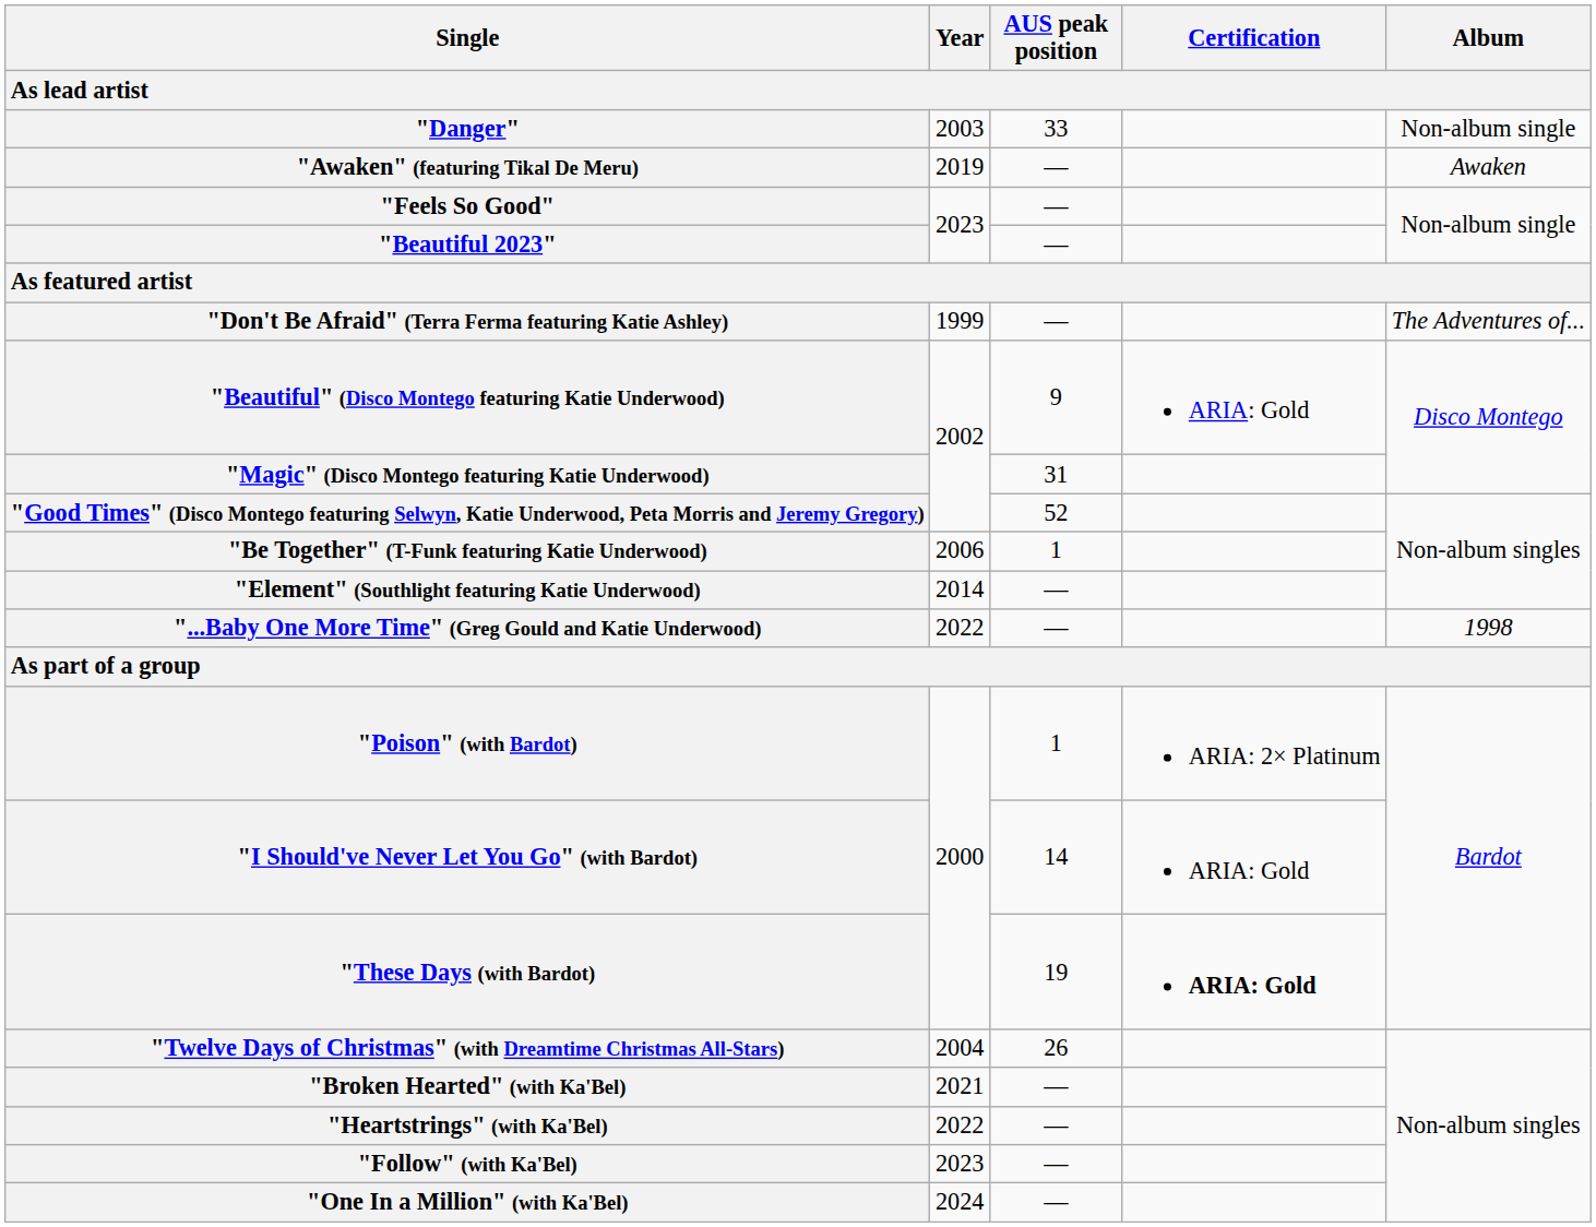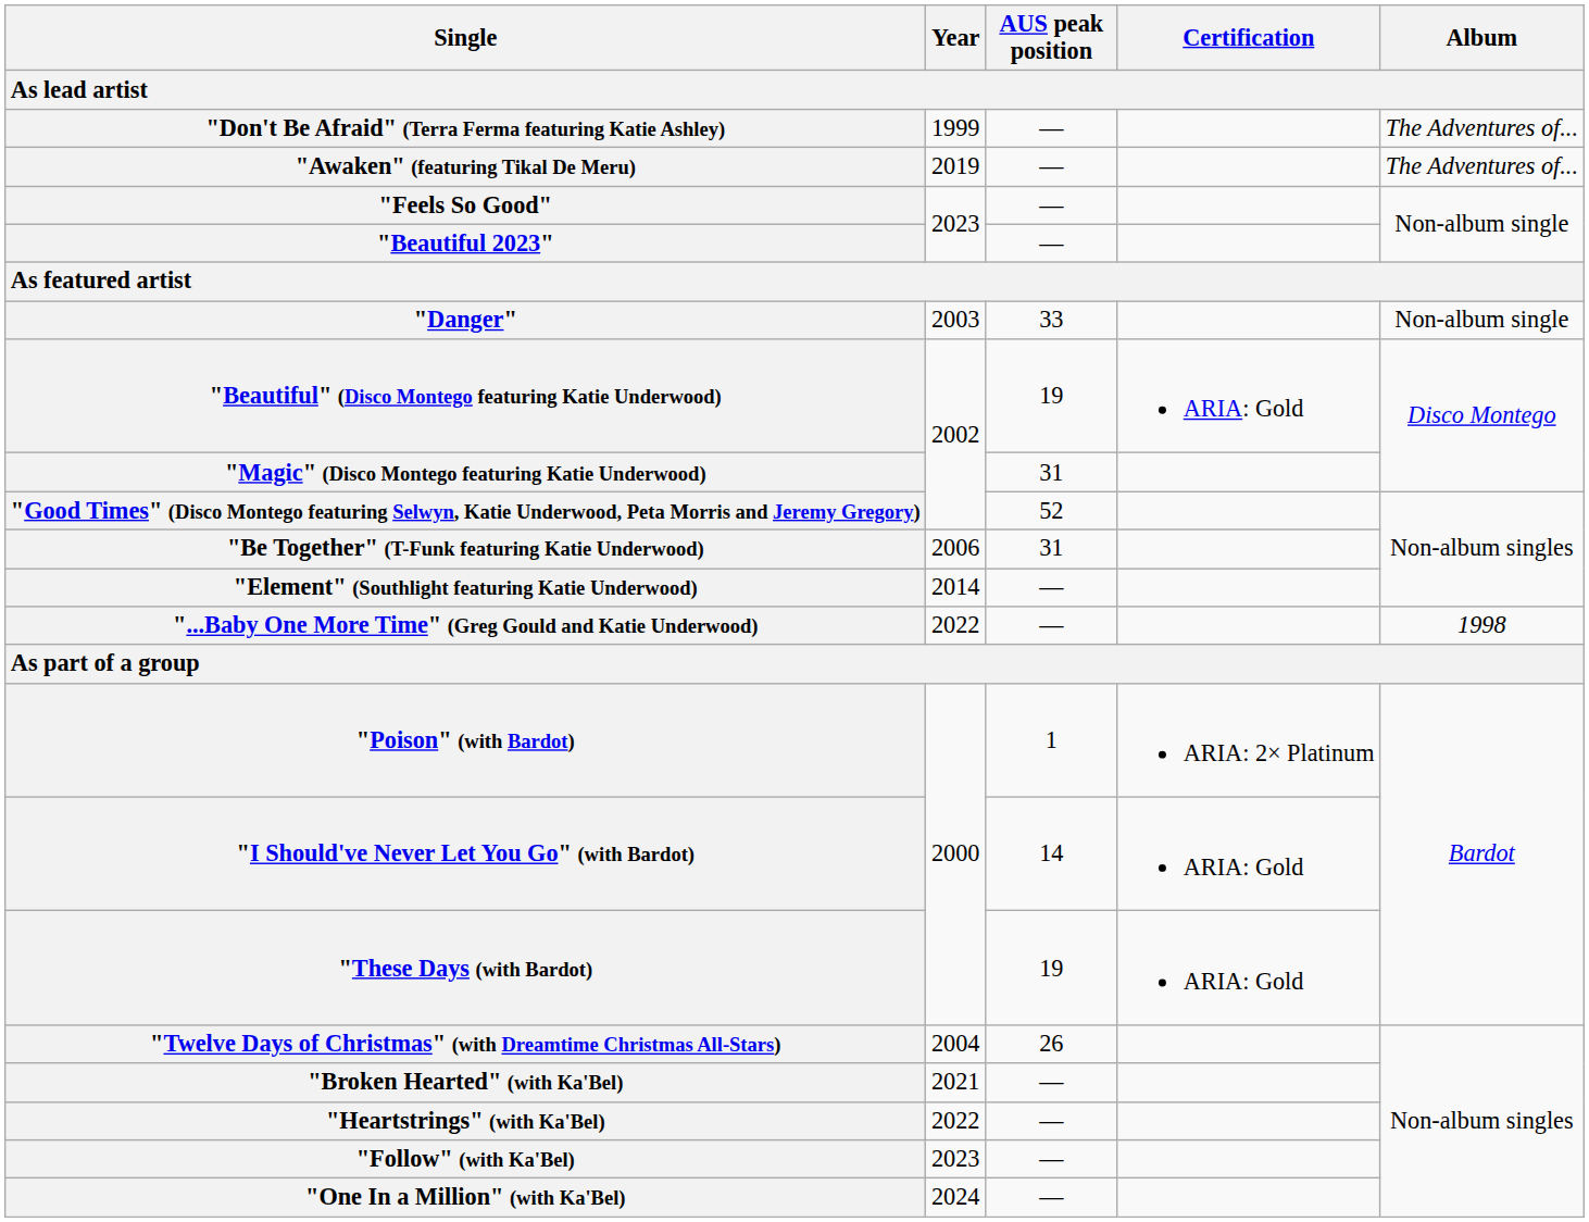 <table class="wikitable plainrowheaders" style="text-align:center;">
 <tr>
 <th scope="col">Single</th>
 <th scope="col">Year</th>
 <th style="text-align:center; width:80px;"><a href='#'>AUS</a> peak position<br></th>
 <th scope="col"><a href='#'>Certification</a></th>
 <th scope="col">Album</th>
 </tr>
 <tr>
 <th colspan=5 style="text-align:left">As lead artist</th>
 </tr>
 <tr>
-<th scope="row">"<a href='#'>Danger</a>"</th>
-<td>2003</td>
-<td>33</td>
+<th scope="row">"Don't Be Afraid" <small>(Terra Ferma featuring Katie Ashley)</small></th>
+<td>1999</td>
+<td>—</td>
 <td></td>
-<td>Non-album single</td>
+<td><em>The Adventures of...</em></td>
 </tr>
 <tr>
 <th scope="row">"Awaken" <small>(featuring Tikal De Meru)</small></th>
 <td>2019</td>
 <td>—</td>
 <td></td>
-<td><em>Awaken</em></td>
+<td><em>The Adventures of...</em></td>
 </tr>
 <tr>
 <th scope="row">"Feels So Good"</th>
 <td rowspan="2">2023</td>
 <td>—</td>
 <td></td>
 <td rowspan="2">Non-album single</td>
 </tr>
 <tr>
 <th scope="row">"<a href='#'>Beautiful 2023</a>"</th>
 <td>—</td>
 <td></td>
 </tr>
 <tr>
 <th colspan=5 style="text-align:left">As featured artist</th>
 </tr>
 <tr>
-<th scope="row">"Don't Be Afraid" <small>(Terra Ferma featuring Katie Ashley)</small></th>
-<td>1999</td>
-<td>—</td>
+<th scope="row">"<a href='#'>Danger</a>"</th>
+<td>2003</td>
+<td>33</td>
 <td></td>
-<td><em>The Adventures of...</em></td>
+<td>Non-album single</td>
 </tr>
 <tr>
 <th scope="row">"<a href='#'>Beautiful</a>" <small>(<a href='#'>Disco Montego</a> featuring Katie Underwood)</small></th>
 <td rowspan="3">2002</td>
-<td>9</td>
+<td>19</td>
 <td style="text-align:left"><br><ul><li><a href='#'>ARIA</a>: Gold</li></ul></td>
 <td rowspan="2"><em><a href='#'>Disco Montego</a></em></td>
 </tr>
 <tr>
 <th scope="row">"<a href='#'>Magic</a>" <small>(Disco Montego featuring Katie Underwood)</small></th>
 <td>31</td>
 </tr>
 <tr>
 <th scope="row">"<a href='#'>Good Times</a>" <small>(Disco Montego featuring <a href='#'>Selwyn</a>, Katie Underwood, Peta Morris and <a href='#'>Jeremy Gregory</a>)</small></th>
 <td>52</td>
 <td></td>
 <td rowspan="3">Non-album singles</td>
 </tr>
 <tr>
 <th scope="row">"Be Together" <small>(T-Funk featuring Katie Underwood)</small></th>
 <td>2006</td>
-<td>1</td>
+<td>31</td>
 <td></td>
 </tr>
 <tr>
 <th scope="row">"Element" <small>(Southlight featuring Katie Underwood)</small></th>
 <td>2014</td>
 <td>—</td>
 <td></td>
 </tr>
 <tr>
 <th scope="row">"<a href='#'>...Baby One More Time</a>" <small>(Greg Gould and Katie Underwood)</small></th>
 <td>2022</td>
 <td>—</td>
 <td></td>
 <td><em>1998</em></td>
 </tr>
 <tr>
 <th colspan=5 style="text-align:left">As part of a group</th>
 </tr>
 <tr>
 <th scope="row">"<a href='#'>Poison</a>" <small>(with <a href='#'>Bardot</a>)</small></th>
 <td rowspan="3">2000</td>
 <td>1</td>
 <td style="text-align:left"><br><ul><li>ARIA: 2× Platinum</li></ul></td>
 <td rowspan="3"><em><a href='#'>Bardot</a></em></td>
 </tr>
 <tr>
 <th scope="row">"<a href='#'>I Should've Never Let You Go</a>" <small>(with Bardot)</small></th>
 <td>14</td>
 <td style="text-align:left"><br><ul><li>ARIA: Gold</li></ul></td>
 </tr>
 <tr>
 <th scope="row">"<a href='#'>These Days</a> <small>(with Bardot)</small></th>
 <td>19</td>
-<td style="text-align:left"><strong><br><ul><li>ARIA: Gold</li></ul></strong></td>
+<td style="text-align:left"><br><ul><li>ARIA: Gold</li></ul></td>
 </tr>
 <tr>
 <th scope="row">"<a href='#'>Twelve Days of Christmas</a>" <small>(with <a href='#'>Dreamtime Christmas All-Stars</a>)</small></th>
 <td>2004</td>
 <td>26</td>
 <td></td>
 <td rowspan="5">Non-album singles</td>
 </tr>
 <tr>
 <th scope="row">"Broken Hearted" <small>(with Ka'Bel)</small></th>
 <td>2021</td>
 <td>—</td>
 <td></td>
 </tr>
 <tr>
 <th scope="row">"Heartstrings" <small>(with Ka'Bel)</small></th>
 <td>2022</td>
 <td>—</td>
 <td></td>
 </tr>
 <tr>
 <th scope="row">"Follow" <small>(with Ka'Bel)</small></th>
 <td>2023</td>
 <td>—</td>
 <td></td>
 </tr>
 <tr>
 <th scope="row">"One In a Million" <small>(with Ka'Bel)</small></th>
 <td>2024</td>
 <td>—</td>
 <td></td>
 </tr>
 </table>
